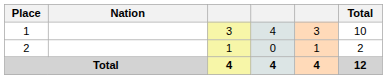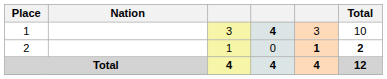 <table class=wikitable style="border:1px solid #AAAAAA;font-size:90%">
 <tr bgcolor="#EFEFEF">
 <th width=50>Place</th>
 <th width=200>Nation</th>
 <th width=50></th>
 <th width=50></th>
 <th width=50></th>
 <th width=50>Total</th>
 </tr>
 <tr align="center" valign="top" bgcolor="#FFFFFF">
 <td>1</td>
 <td align="left"></td>
 <td style="background:#F7F6A8;">3</td>
-<td style="background:#DCE5E5;">4</td>
+<td style="background:#DCE5E5;"><strong>4</strong></td>
 <td style="background:#FFDAB9;">3</td>
 <td>10</td>
 </tr>
 <tr align="center" valign="top" bgcolor="#FFFFFF">
 <td>2</td>
 <td align="left"></td>
 <td style="background:#F7F6A8;">1</td>
 <td style="background:#DCE5E5;">0</td>
-<td style="background:#FFDAB9;">1</td>
-<td>2</td>
+<td style="background:#FFDAB9;"><strong>1</strong></td>
+<td><strong>2</strong></td>
 </tr>
 <tr align="center">
 <td colspan="2" bgcolor=D3D3D3><strong>Total</strong></td>
 <td style="background:#F7F6A8;"><strong>4</strong></td>
 <td style="background:#DCE5E5;"><strong>4</strong></td>
 <td style="background:#FFDAB9;"><strong>4</strong></td>
 <td bgcolor=D3D3D3><strong>12</strong></td>
 </tr>
 </table>
